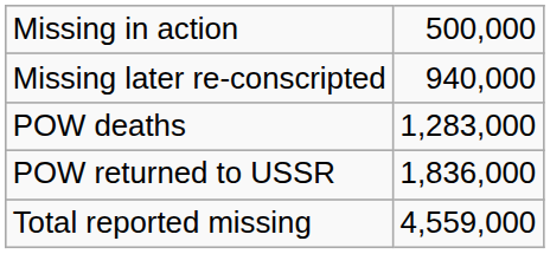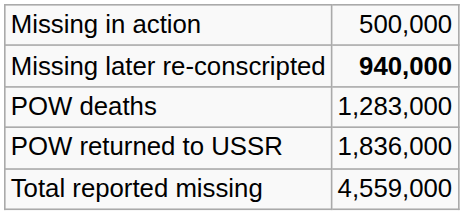 <table class="wikitable">
 <tr>
 <td>Missing in action</td>
 <td style="text-align:right;">500,000</td>
 </tr>
 <tr>
 <td>Missing later re-conscripted</td>
-<td style="text-align:right;">940,000</td>
+<td style="text-align:right;"><strong>940,000</strong></td>
 </tr>
 <tr>
 <td>POW deaths</td>
 <td style="text-align:right;">1,283,000 </td>
 </tr>
 <tr>
 <td>POW returned to USSR</td>
 <td style="text-align:right;">1,836,000</td>
 </tr>
 <tr>
 <td>Total reported missing</td>
 <td style="text-align:right;">4,559,000</td>
 </tr>
 </table>
